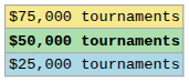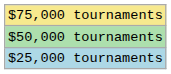 <table class="wikitable" style="font-size:85%;">
 <tr style="background:#f7e98e;">
 <td>$75,000 tournaments</td>
 </tr>
 <tr style="background:#addfad;">
-<td><strong>$50,000 tournaments</strong></td>
+<td>$50,000 tournaments</td>
 </tr>
 <tr style="background:lightblue;">
 <td>$25,000 tournaments</td>
 </tr>
 </table>
